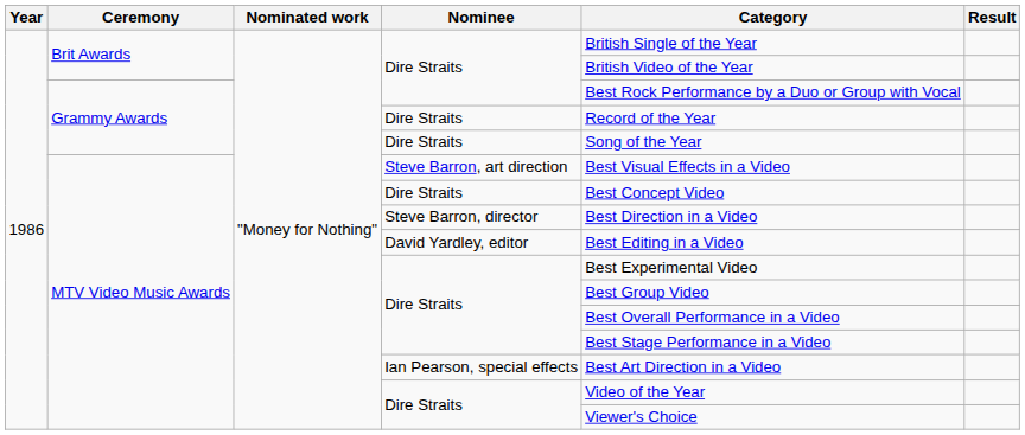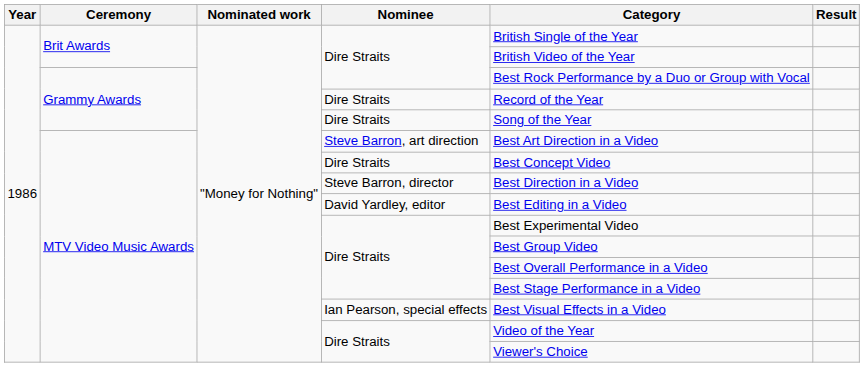 <table class="wikitable">
 <tr>
 <th>Year</th>
 <th>Ceremony</th>
 <th>Nominated work</th>
 <th>Nominee</th>
 <th>Category</th>
 <th>Result</th>
 </tr>
 <tr>
 <td rowspan="16">1986</td>
 <td rowspan="2"><a href='#'>Brit Awards</a></td>
 <td rowspan="16">"Money for Nothing"</td>
 <td rowspan="3">Dire Straits</td>
 <td><a href='#'>British Single of the Year</a></td>
 <td></td>
 </tr>
 <tr>
 <td><a href='#'>British Video of the Year</a></td>
 <td></td>
 </tr>
 <tr>
 <td rowspan="3"><a href='#'>Grammy Awards</a></td>
 <td><a href='#'>Best Rock Performance by a Duo or Group with Vocal</a></td>
 <td></td>
 </tr>
 <tr>
 <td>Dire Straits<br></td>
 <td><a href='#'>Record of the Year</a></td>
 <td></td>
 </tr>
 <tr>
 <td>Dire Straits<br></td>
 <td><a href='#'>Song of the Year</a></td>
 <td></td>
 </tr>
 <tr>
 <td rowspan="11"><a href='#'>MTV Video Music Awards</a></td>
 <td><a href='#'>Steve Barron</a>, art direction</td>
-<td><a href='#'>Best Visual Effects in a Video</a></td>
+<td><a href='#'>Best Art Direction in a Video</a></td>
 <td></td>
 </tr>
 <tr>
 <td>Dire Straits</td>
 <td><a href='#'>Best Concept Video</a></td>
 <td></td>
 </tr>
 <tr>
 <td>Steve Barron, director</td>
 <td><a href='#'>Best Direction in a Video</a></td>
 <td></td>
 </tr>
 <tr>
 <td>David Yardley, editor</td>
 <td><a href='#'>Best Editing in a Video</a></td>
 <td></td>
 </tr>
 <tr>
 <td rowspan="4">Dire Straits</td>
 <td>Best Experimental Video</td>
 <td></td>
 </tr>
 <tr>
 <td><a href='#'>Best Group Video</a></td>
 <td></td>
 </tr>
 <tr>
 <td><a href='#'>Best Overall Performance in a Video</a></td>
 <td></td>
 </tr>
 <tr>
 <td><a href='#'>Best Stage Performance in a Video</a></td>
 <td></td>
 </tr>
 <tr>
 <td>Ian Pearson, special effects</td>
-<td><a href='#'>Best Art Direction in a Video</a></td>
+<td><a href='#'>Best Visual Effects in a Video</a></td>
 <td></td>
 </tr>
 <tr>
 <td rowspan="2">Dire Straits</td>
 <td><a href='#'>Video of the Year</a></td>
 <td></td>
 </tr>
 <tr>
 <td><a href='#'>Viewer's Choice</a></td>
 <td></td>
 </tr>
 </table>
